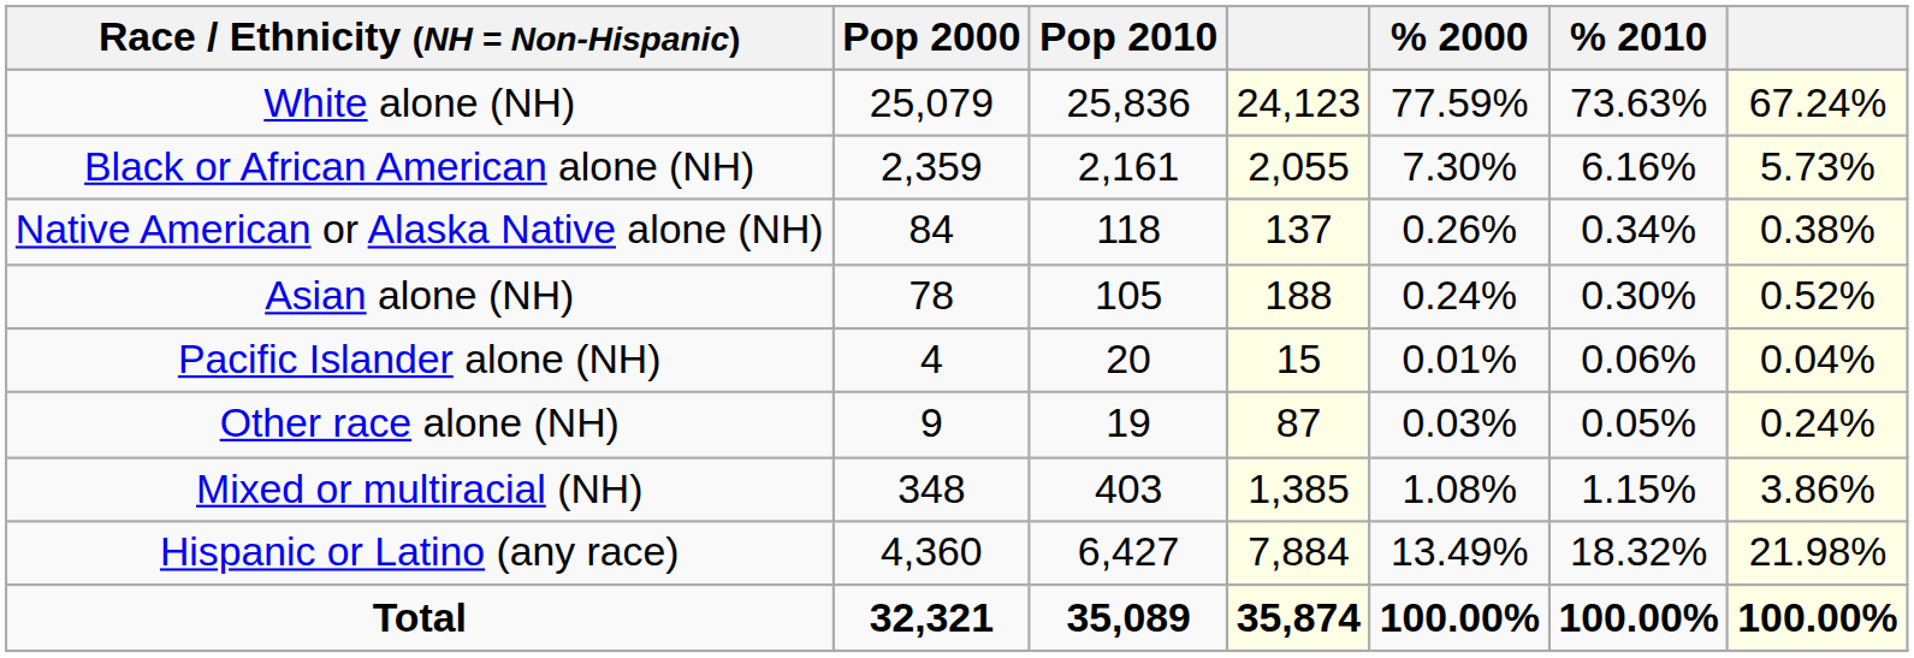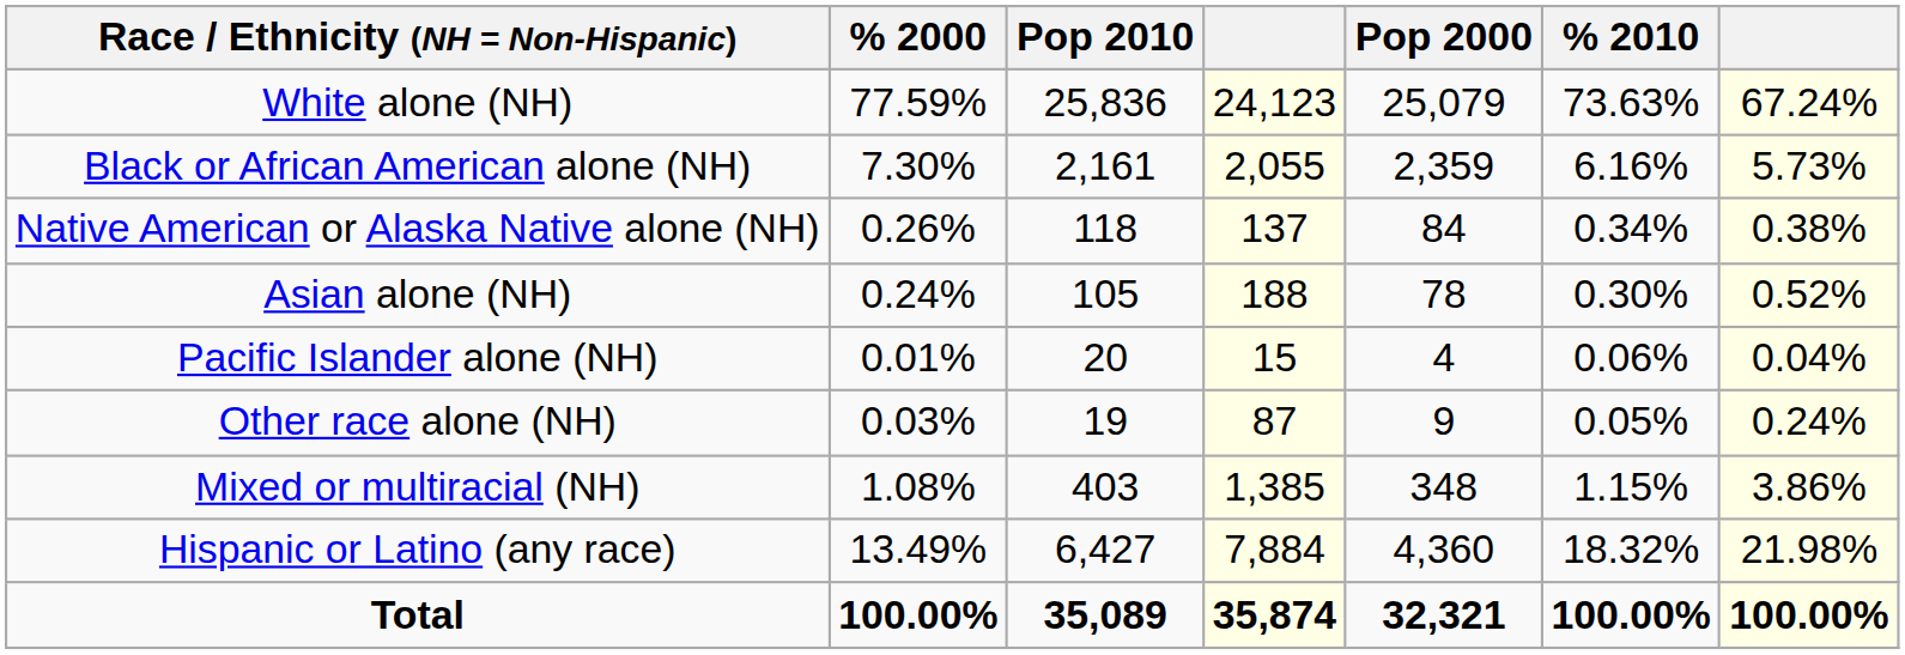 <table class="wikitable" style="text-align:center;">
 <tr>
 <th>Race / Ethnicity <small>(<em>NH = Non-Hispanic</em>)</small></th>
-<th>Pop 2000</th>
+<th>% 2000</th>
 <th>Pop 2010</th>
 <th></th>
-<th>% 2000</th>
+<th>Pop 2000</th>
 <th>% 2010</th>
 <th></th>
 </tr>
 <tr>
 <td><a href='#'>White</a> alone (NH)</td>
-<td>25,079</td>
+<td>77.59%</td>
 <td>25,836</td>
 <td style='background: #ffffe6;'>24,123</td>
-<td>77.59%</td>
+<td>25,079</td>
 <td>73.63%</td>
 <td style='background: #ffffe6;'>67.24%</td>
 </tr>
 <tr>
 <td><a href='#'>Black or African American</a> alone (NH)</td>
-<td>2,359</td>
+<td>7.30%</td>
 <td>2,161</td>
 <td style='background: #ffffe6;'>2,055</td>
-<td>7.30%</td>
+<td>2,359</td>
 <td>6.16%</td>
 <td style='background: #ffffe6;'>5.73%</td>
 </tr>
 <tr>
 <td><a href='#'>Native American</a> or <a href='#'>Alaska Native</a> alone (NH)</td>
-<td>84</td>
+<td>0.26%</td>
 <td>118</td>
 <td style='background: #ffffe6;'>137</td>
-<td>0.26%</td>
+<td>84</td>
 <td>0.34%</td>
 <td style='background: #ffffe6;'>0.38%</td>
 </tr>
 <tr>
 <td><a href='#'>Asian</a> alone (NH)</td>
-<td>78</td>
+<td>0.24%</td>
 <td>105</td>
 <td style='background: #ffffe6;'>188</td>
-<td>0.24%</td>
+<td>78</td>
 <td>0.30%</td>
 <td style='background: #ffffe6;'>0.52%</td>
 </tr>
 <tr>
 <td><a href='#'>Pacific Islander</a> alone (NH)</td>
-<td>4</td>
+<td>0.01%</td>
 <td>20</td>
 <td style='background: #ffffe6;'>15</td>
-<td>0.01%</td>
+<td>4</td>
 <td>0.06%</td>
 <td style='background: #ffffe6;'>0.04%</td>
 </tr>
 <tr>
 <td><a href='#'>Other race</a> alone (NH)</td>
-<td>9</td>
+<td>0.03%</td>
 <td>19</td>
 <td style='background: #ffffe6;'>87</td>
-<td>0.03%</td>
+<td>9</td>
 <td>0.05%</td>
 <td style='background: #ffffe6;'>0.24%</td>
 </tr>
 <tr>
 <td><a href='#'>Mixed or multiracial</a> (NH)</td>
-<td>348</td>
+<td>1.08%</td>
 <td>403</td>
 <td style='background: #ffffe6;'>1,385</td>
-<td>1.08%</td>
+<td>348</td>
 <td>1.15%</td>
 <td style='background: #ffffe6;'>3.86%</td>
 </tr>
 <tr>
 <td><a href='#'>Hispanic or Latino</a> (any race)</td>
-<td>4,360</td>
+<td>13.49%</td>
 <td>6,427</td>
 <td style='background: #ffffe6;'>7,884</td>
-<td>13.49%</td>
+<td>4,360</td>
 <td>18.32%</td>
 <td style='background: #ffffe6;'>21.98%</td>
 </tr>
 <tr>
 <td><strong>Total</strong></td>
-<td><strong>32,321</strong></td>
+<td><strong>100.00%</strong></td>
 <td><strong>35,089</strong></td>
 <td style='background: #ffffe6;'><strong>35,874</strong></td>
-<td><strong>100.00%</strong></td>
+<td><strong>32,321</strong></td>
 <td><strong>100.00%</strong></td>
 <td style='background: #ffffe6;'><strong>100.00%</strong></td>
 </tr>
 </table>
